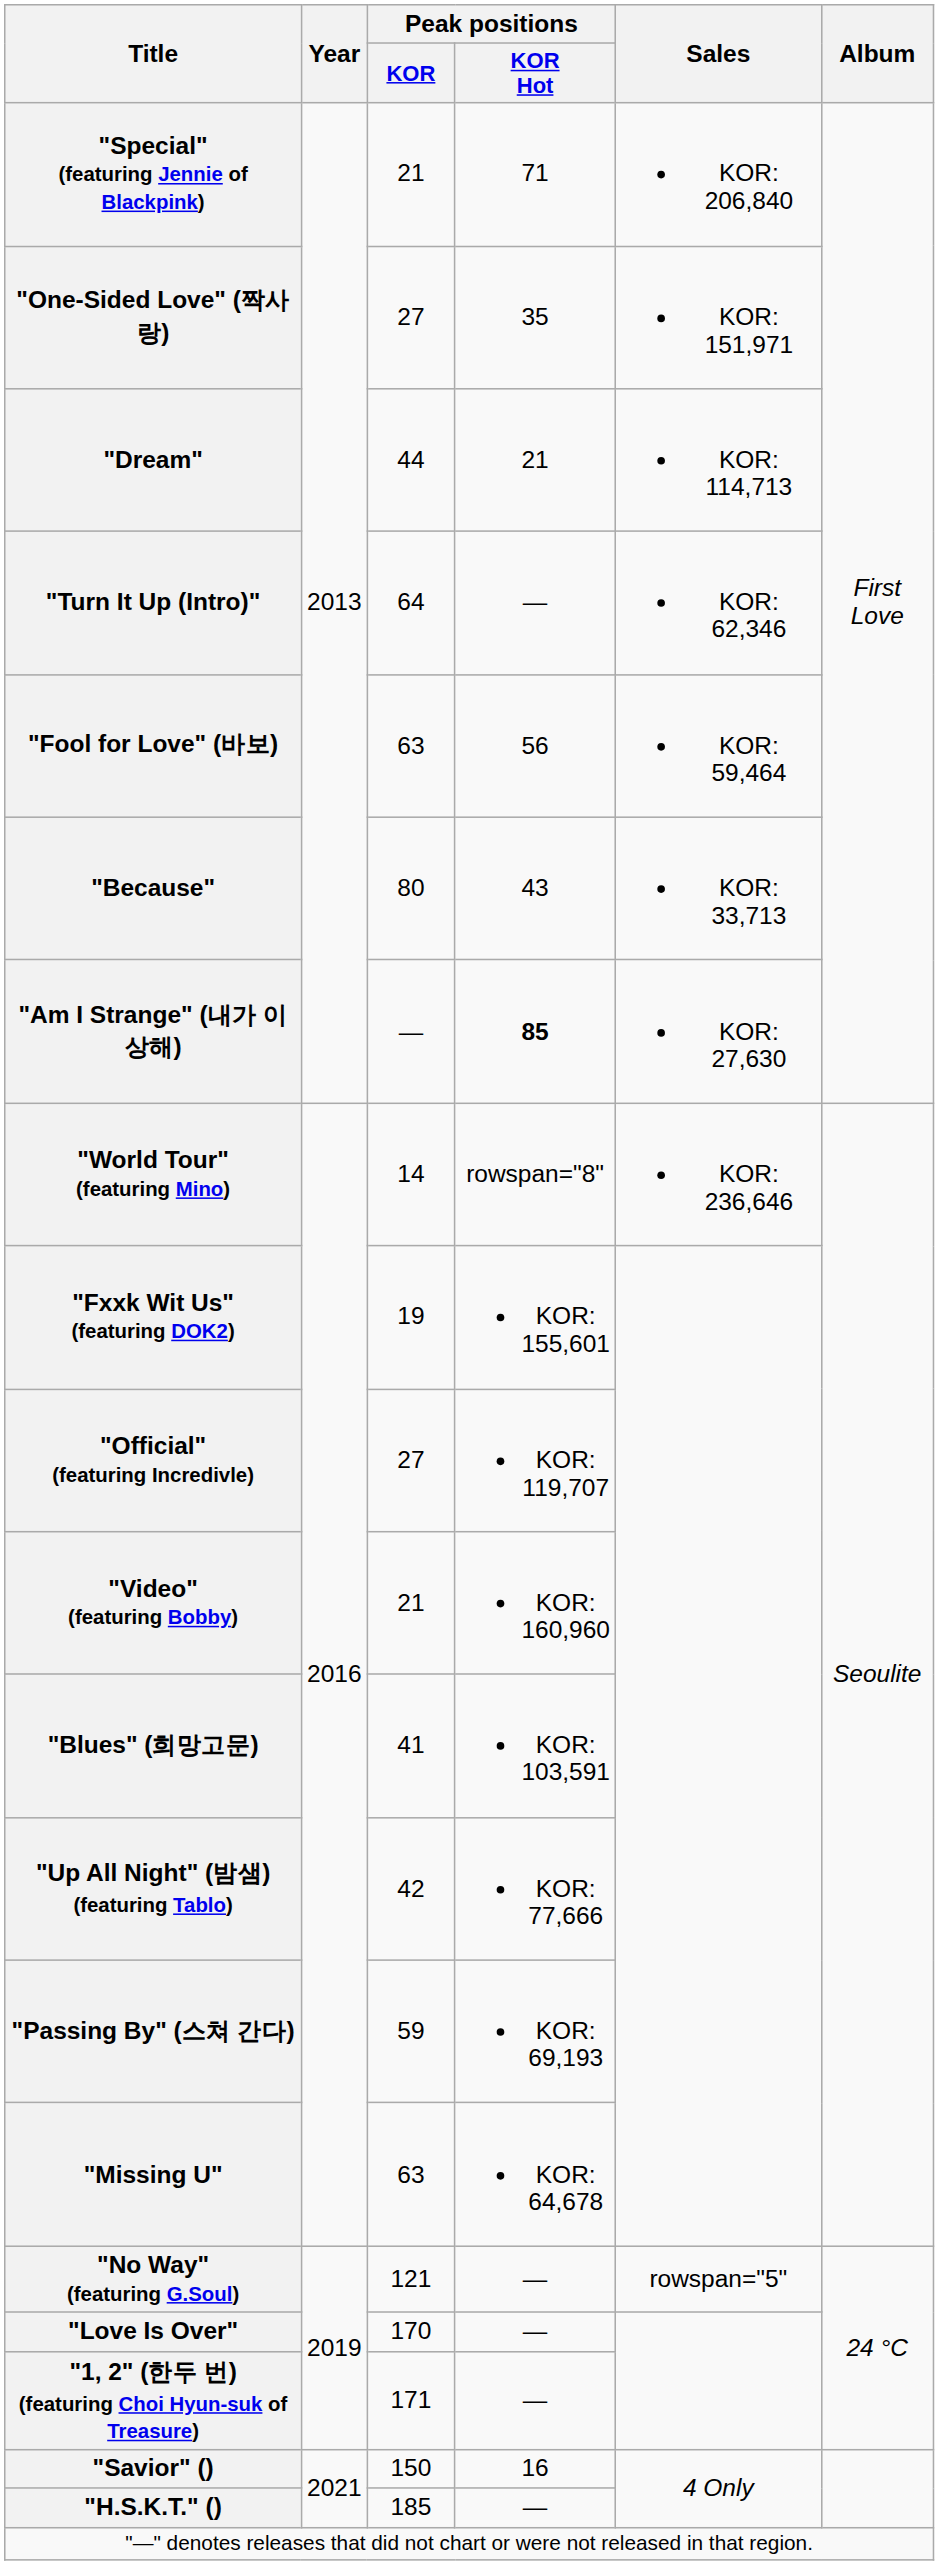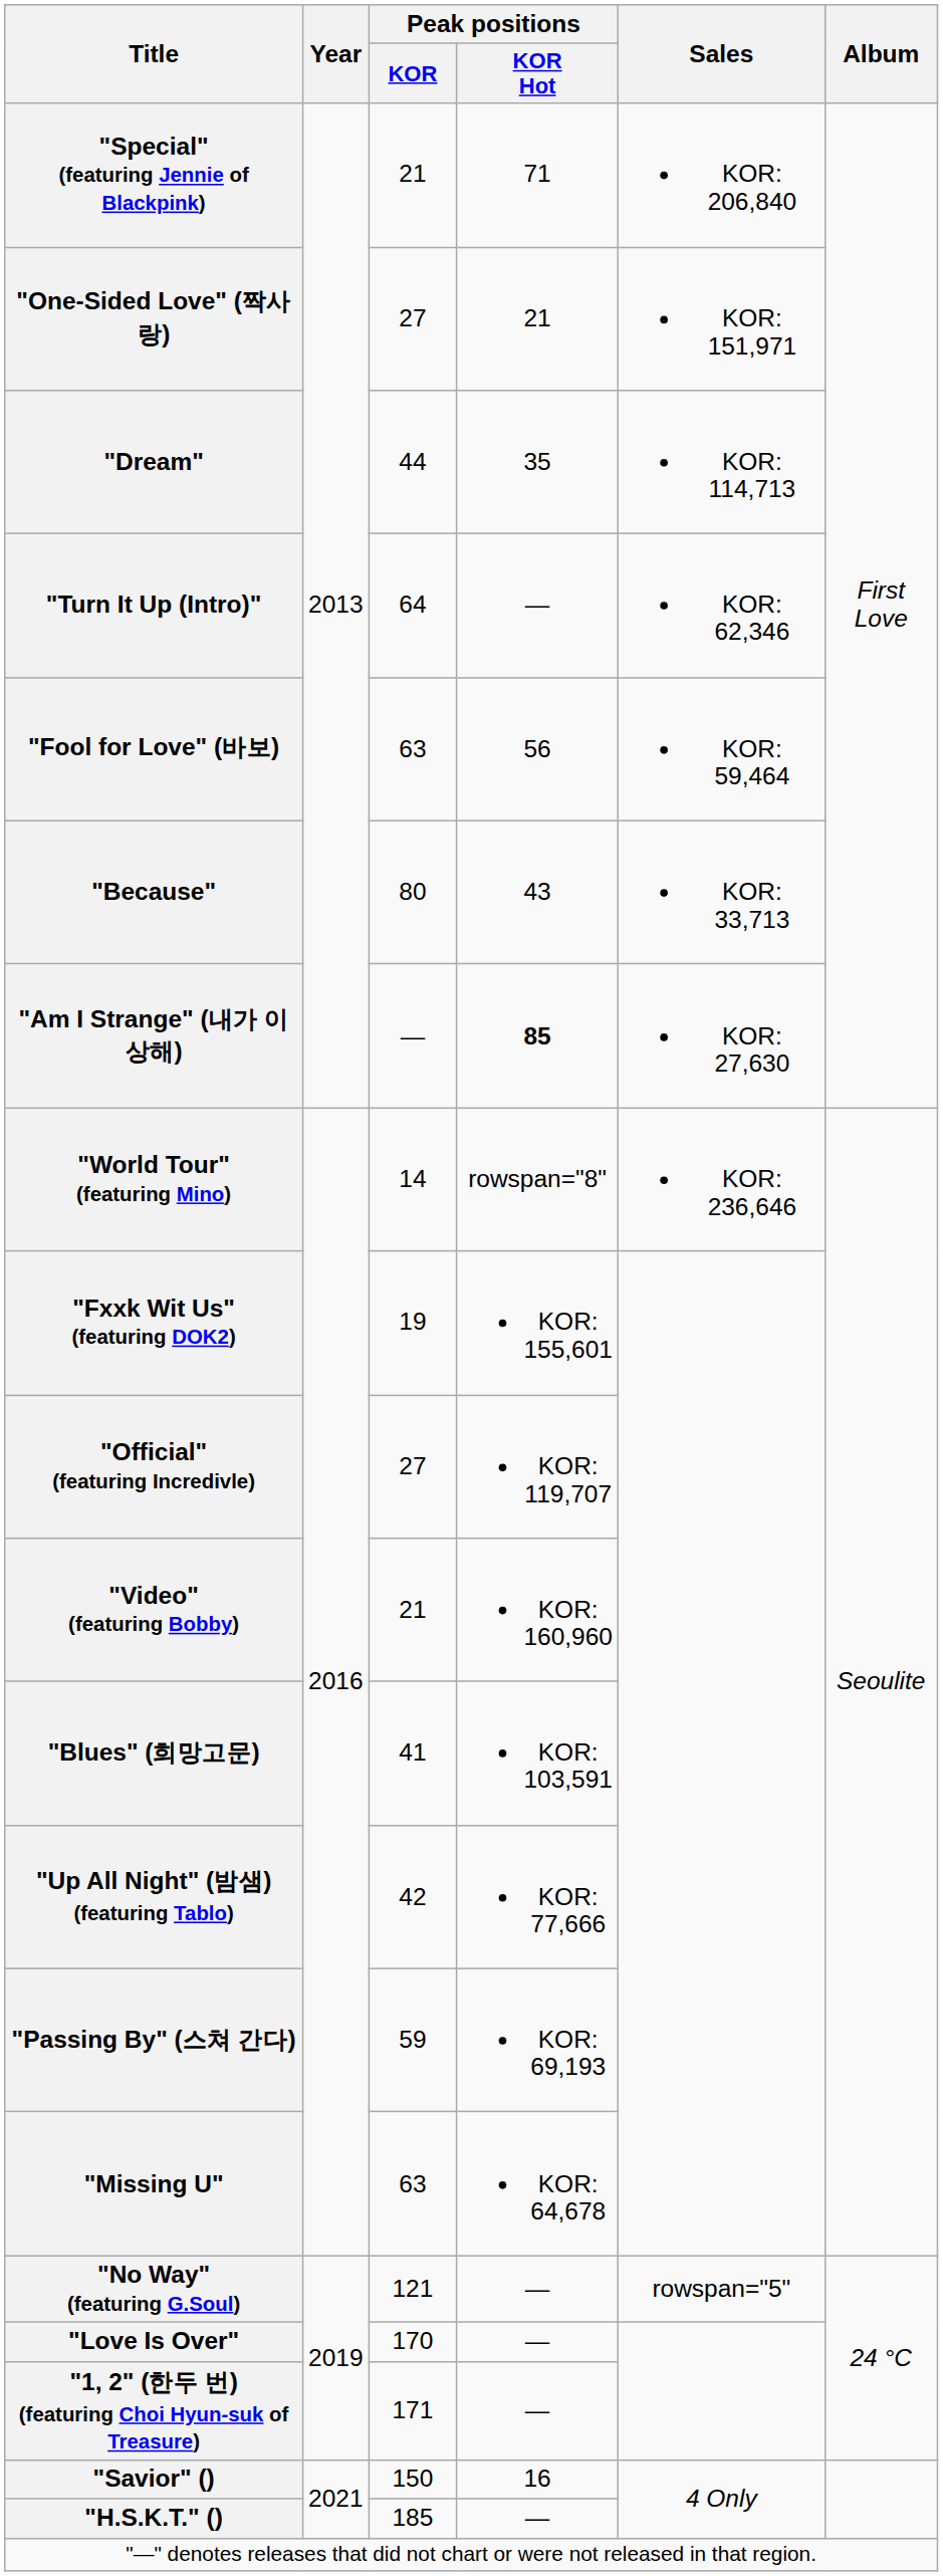 <table class="wikitable plainrowheaders" style="text-align:center;">
 <tr>
 <th rowspan=2>Title</th>
 <th rowspan=2>Year</th>
 <th scope="col" colspan="2">Peak positions</th>
 <th rowspan=2>Sales</th>
 <th rowspan=2>Album</th>
 </tr>
 <tr>
 <th style="width:3.5em;font-size:90%"><a href='#'>KOR</a><br></th>
 <th scope="col" style="width:3.5em;font-size:90%;"><a href='#'>KOR<br>Hot</a><br></th>
 </tr>
 <tr>
 <th scope="row">"Special"<br><small>(featuring <a href='#'>Jennie</a> of <a href='#'>Blackpink</a>)</small></th>
 <td rowspan="7">2013</td>
 <td>21</td>
 <td>71</td>
 <td><br><ul><li>KOR: 206,840</li></ul></td>
 <td rowspan="7"><em>First Love</em></td>
 </tr>
 <tr>
 <th scope="row">"One-Sided Love" (짝사랑)</th>
 <td>27</td>
-<td>35</td>
+<td>21</td>
 <td><br><ul><li>KOR: 151,971</li></ul></td>
 </tr>
 <tr>
 <th scope="row">"Dream"</th>
 <td>44</td>
-<td>21</td>
+<td>35</td>
 <td><br><ul><li>KOR: 114,713</li></ul></td>
 </tr>
 <tr>
 <th scope="row">"Turn It Up (Intro)"</th>
 <td>64</td>
 <td>—</td>
 <td><br><ul><li>KOR: 62,346</li></ul></td>
 </tr>
 <tr>
 <th scope="row">"Fool for Love" (바보)</th>
 <td>63</td>
 <td>56</td>
 <td><br><ul><li>KOR: 59,464</li></ul></td>
 </tr>
 <tr>
 <th scope="row">"Because"</th>
 <td>80</td>
 <td>43</td>
 <td><br><ul><li>KOR: 33,713</li></ul></td>
 </tr>
 <tr>
 <th scope="row">"Am I Strange" (내가 이상해)</th>
 <td>—</td>
 <td><strong>85</strong></td>
 <td><br><ul><li>KOR: 27,630</li></ul></td>
 </tr>
 <tr>
 <th scope="row">"World Tour"<br><small>(featuring <a href='#'>Mino</a>)</small></th>
 <td rowspan="8">2016</td>
 <td>14</td>
 <td>rowspan="8" </td>
 <td><br><ul><li>KOR: 236,646</li></ul></td>
 <td rowspan="8"><em>Seoulite</em></td>
 </tr>
 <tr>
 <th scope="row">"Fxxk Wit Us"<br><small>(featuring <a href='#'>DOK2</a>)</small></th>
 <td>19</td>
 <td><br><ul><li>KOR: 155,601</li></ul></td>
 </tr>
 <tr>
 <th scope="row">"Official"<br><small>(featuring Incredivle)</small></th>
 <td>27</td>
 <td><br><ul><li>KOR: 119,707</li></ul></td>
 </tr>
 <tr>
 <th scope="row">"Video"<br><small>(featuring <a href='#'>Bobby</a>)</small></th>
 <td>21</td>
 <td><br><ul><li>KOR: 160,960</li></ul></td>
 </tr>
 <tr>
 <th scope="row">"Blues" (희망고문)</th>
 <td>41</td>
 <td><br><ul><li>KOR: 103,591</li></ul></td>
 </tr>
 <tr>
 <th scope="row">"Up All Night" (밤샘)<br><small>(featuring <a href='#'>Tablo</a>)</small></th>
 <td>42</td>
 <td><br><ul><li>KOR: 77,666</li></ul></td>
 </tr>
 <tr>
 <th scope="row">"Passing By" (스쳐 간다)</th>
 <td>59</td>
 <td><br><ul><li>KOR: 69,193</li></ul></td>
 </tr>
 <tr>
 <th scope="row">"Missing U"</th>
 <td>63</td>
 <td><br><ul><li>KOR: 64,678</li></ul></td>
 </tr>
 <tr>
 <th scope="row">"No Way"<br><small>(featuring <a href='#'>G.Soul</a>)</small></th>
 <td rowspan="3">2019</td>
 <td>121</td>
 <td>—</td>
 <td>rowspan="5" </td>
 <td rowspan="3"><em>24 °C</em></td>
 </tr>
 <tr>
 <th scope="row">"Love Is Over"</th>
 <td>170</td>
 <td>—</td>
 </tr>
 <tr>
 <th scope="row">"1, 2" (한두 번)<br><small>(featuring <a href='#'>Choi Hyun-suk</a> of <a href='#'>Treasure</a>)</small></th>
 <td>171</td>
 <td>—</td>
 </tr>
 <tr>
 <th scope="row">"Savior" ()<br></th>
 <td rowspan="2">2021</td>
 <td>150</td>
 <td>16</td>
 <td rowspan="2"><em>4 Only</em></td>
 </tr>
 <tr>
 <th scope="row">"H.S.K.T." ()<br></th>
 <td>185</td>
 <td>—</td>
 </tr>
 <tr>
 <td colspan="6" style="font-size:85%">"—" denotes releases that did not chart or were not released in that region.</td>
 </tr>
 </table>
